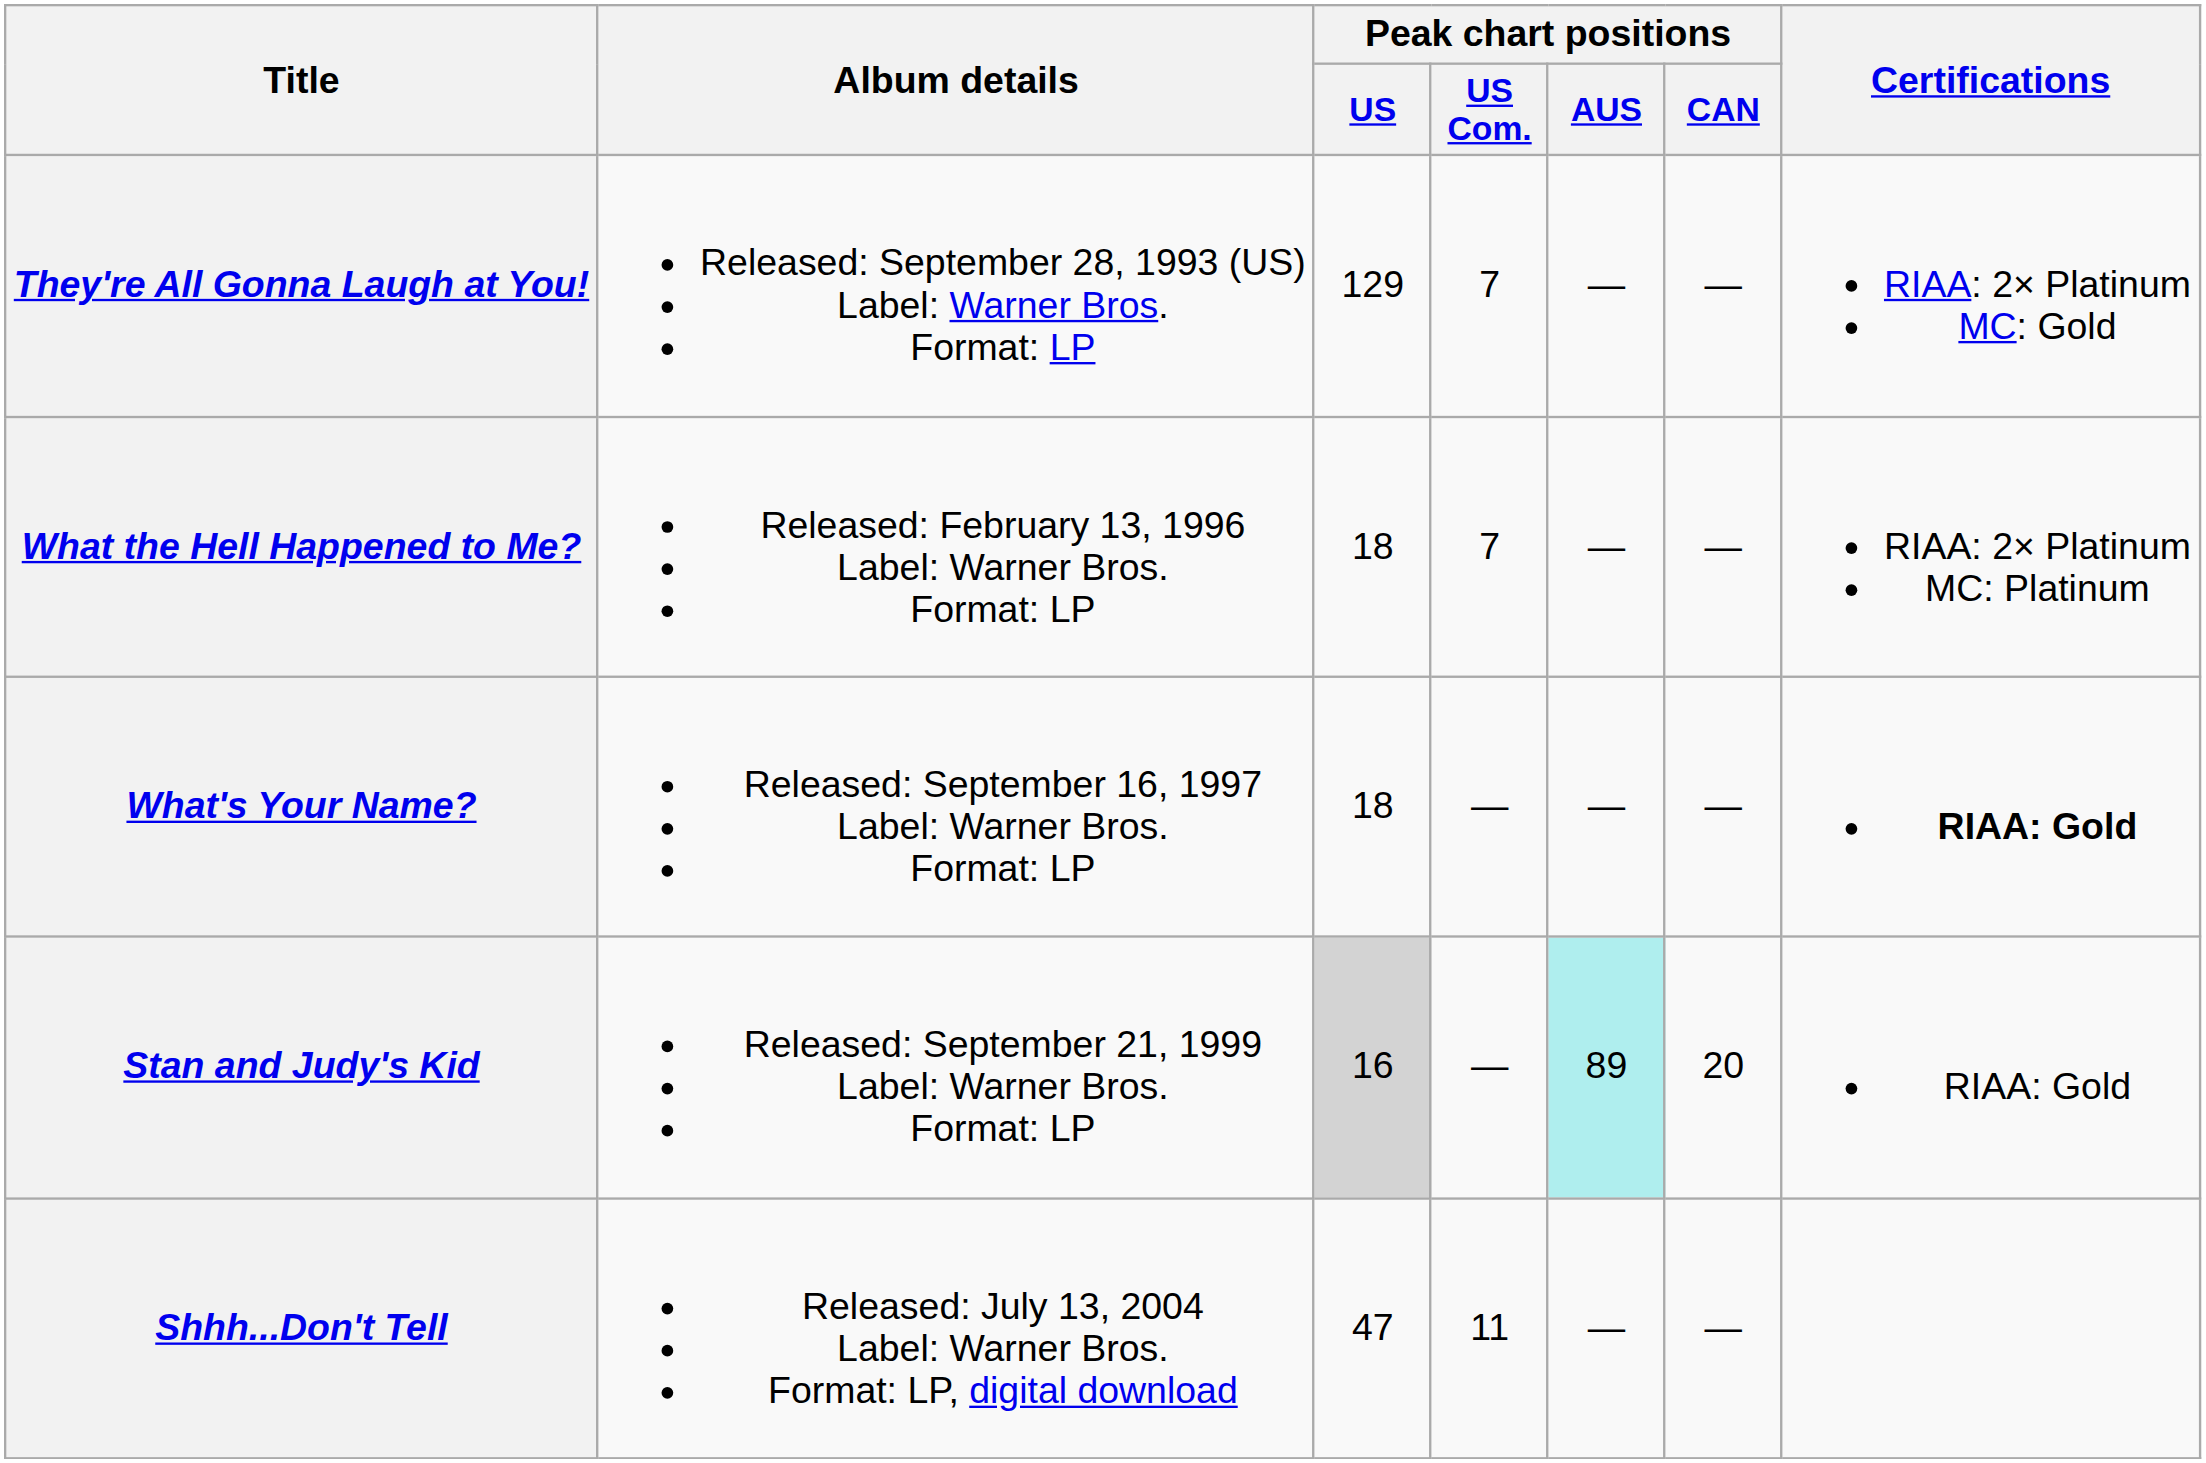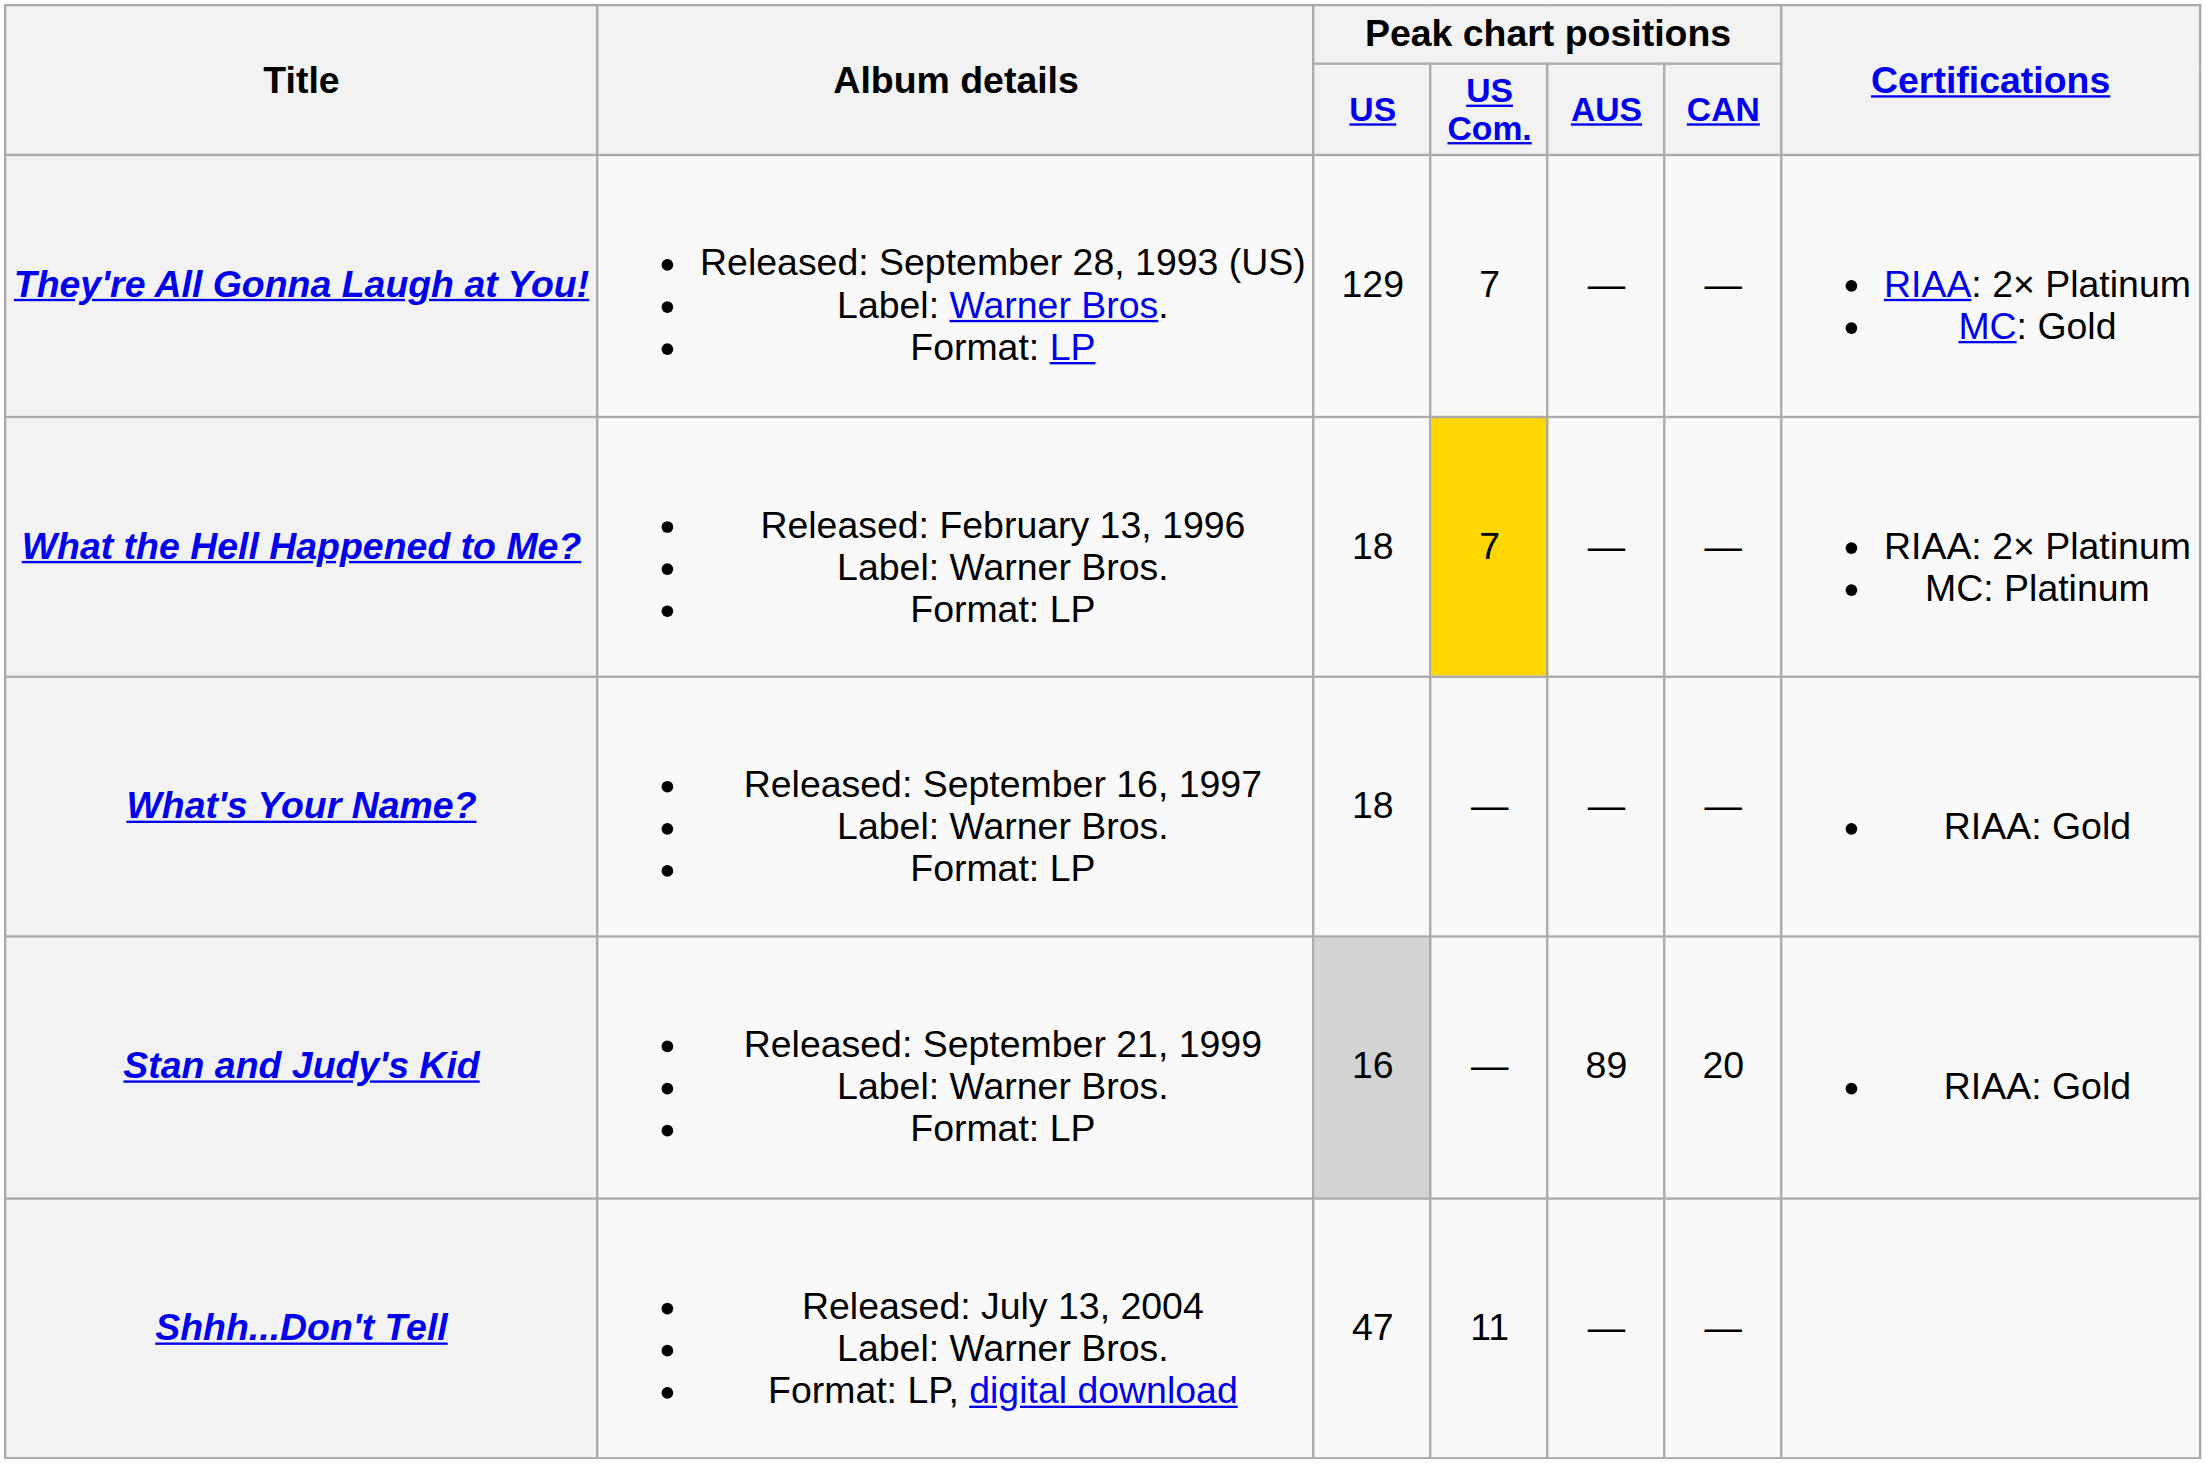 <table class="wikitable plainrowheaders" style="text-align:center">
 <tr>
 <th scope="col" rowspan="2">Title</th>
 <th scope="col" rowspan="2">Album details</th>
 <th scope="col" colspan="4">Peak chart positions</th>
 <th scope="col" rowspan="2"><a href='#'>Certifications</a></th>
 </tr>
 <tr>
 <th scope="col" style="width:3em; font-size:90%"><a href='#'>US</a><br></th>
 <th scope="col" style="width:3em; font-size:90%"><a href='#'>US<br>Com.</a><br></th>
 <th scope="col" style="width:3em; font-size:90%"><a href='#'>AUS</a><br></th>
 <th scope="col" style="width:3em; font-size:90%"><a href='#'>CAN</a><br></th>
 </tr>
 <tr>
 <th scope="row"><em><a href='#'>They're All Gonna Laugh at You!</a></em></th>
 <td><br><ul><li>Released: September 28, 1993 (US)</li><li>Label: <a href='#'>Warner Bros</a>.</li><li>Format: <a href='#'>LP</a></li></ul></td>
 <td>129</td>
 <td>7</td>
 <td>—</td>
 <td>—</td>
 <td><br><ul><li><a href='#'>RIAA</a>: 2× Platinum </li><li><a href='#'>MC</a>: Gold</li></ul></td>
 </tr>
 <tr>
 <th scope="row"><em><a href='#'>What the Hell Happened to Me?</a></em></th>
 <td><br><ul><li>Released: February 13, 1996</li><li>Label: Warner Bros.</li><li>Format: LP</li></ul></td>
 <td>18</td>
-<td>7</td>
+<td style="background: gold;">7</td>
 <td>—</td>
 <td>—</td>
 <td><br><ul><li>RIAA: 2× Platinum</li><li>MC: Platinum</li></ul></td>
 </tr>
 <tr>
 <th scope="row"><em><a href='#'>What's Your Name?</a></em></th>
 <td><br><ul><li>Released: September 16, 1997</li><li>Label: Warner Bros.</li><li>Format: LP</li></ul></td>
 <td>18</td>
 <td>—</td>
 <td>—</td>
 <td>—</td>
-<td><strong><br><ul><li>RIAA: Gold</li></ul></strong></td>
+<td><br><ul><li>RIAA: Gold</li></ul></td>
 </tr>
 <tr>
 <th scope="row"><em><a href='#'>Stan and Judy's Kid</a></em></th>
 <td><br><ul><li>Released: September 21, 1999</li><li>Label: Warner Bros.</li><li>Format: LP</li></ul></td>
 <td style="background: lightgrey;">16</td>
 <td>—</td>
-<td style="background: paleturquoise;">89</td>
+<td>89</td>
 <td>20</td>
 <td><br><ul><li>RIAA: Gold</li></ul></td>
 </tr>
 <tr>
 <th scope="row"><em><a href='#'>Shhh...Don't Tell</a></em></th>
 <td><br><ul><li>Released: July 13, 2004</li><li>Label: Warner Bros.</li><li>Format: LP, <a href='#'>digital download</a></li></ul></td>
 <td>47</td>
 <td>11</td>
 <td>—</td>
 <td>—</td>
 <td></td>
 </tr>
 </table>
